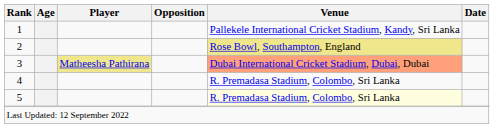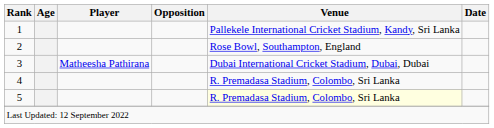 <table class="wikitable plainrowheaders sortable">
 <tr>
 <th scope=col>Rank</th>
 <th scope=col>Age</th>
 <th scope=col>Player</th>
 <th scope=col>Opposition</th>
 <th scope=col>Venue</th>
 <th scope=col>Date</th>
 </tr>
 <tr>
 <td align=center>1</td>
 <th scope=row style=text-align:center;></th>
 <td></td>
 <td></td>
 <td><a href='#'>Pallekele International Cricket Stadium</a>, <a href='#'>Kandy</a>, Sri Lanka</td>
 <td></td>
 </tr>
 <tr>
 <td align=center>2</td>
 <th scope=row style=text-align:center;></th>
 <td></td>
 <td></td>
-<td style="background: khaki;"><a href='#'>Rose Bowl</a>, <a href='#'>Southampton</a>, England</td>
+<td><a href='#'>Rose Bowl</a>, <a href='#'>Southampton</a>, England</td>
 <td></td>
 </tr>
 <tr>
 <td align="center">3</td>
 <th scope="row" style="text-align:center;"></th>
-<td style="background: khaki;"><a href='#'>Matheesha Pathirana</a></td>
+<td><a href='#'>Matheesha Pathirana</a></td>
 <td></td>
-<td style="background: lightsalmon;"><a href='#'>Dubai International Cricket Stadium</a>, <a href='#'>Dubai</a>, Dubai</td>
+<td><a href='#'>Dubai International Cricket Stadium</a>, <a href='#'>Dubai</a>, Dubai</td>
 <td></td>
 </tr>
 <tr>
 <td align="center">4</td>
 <th scope="row" style="text-align:center;"></th>
 <td></td>
 <td></td>
 <td><a href='#'>R. Premadasa Stadium</a>, <a href='#'>Colombo</a>, Sri Lanka</td>
 <td></td>
 </tr>
 <tr>
 <td align="center">5</td>
 <th scope="row" style="text-align:center;"></th>
 <td></td>
 <td></td>
 <td style="background: lightyellow;"><a href='#'>R. Premadasa Stadium</a>, <a href='#'>Colombo</a>, Sri Lanka</td>
 <td></td>
 </tr>
 <tr>
 </tr>
 <tr class=sortbottom>
 <td colspan=7><small>Last Updated: 12 September 2022</small></td>
 </tr>
 </table>
